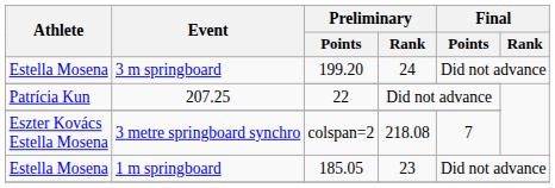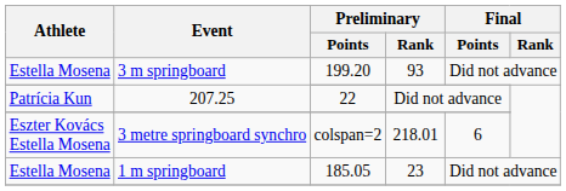 <table class=wikitable style="font-size:90%">
 <tr>
 <th rowspan="2">Athlete</th>
 <th rowspan="2">Event</th>
 <th colspan="2">Preliminary</th>
 <th colspan="2">Final</th>
 </tr>
 <tr style="font-size:95%">
 <th>Points</th>
 <th>Rank</th>
 <th>Points</th>
 <th>Rank</th>
 </tr>
 <tr align=center>
 <td align=left><a href='#'>Estella Mosena</a></td>
 <td align=left rowspan=2><a href='#'>3 m springboard</a></td>
 <td>199.20</td>
-<td>24</td>
+<td>93</td>
 <td colspan=2>Did not advance</td>
 </tr>
 <tr>
 </tr>
 <tr align=center>
 <td align=left><a href='#'>Patrícia Kun</a></td>
 <td>207.25</td>
 <td>22</td>
 <td colspan=2>Did not advance</td>
 </tr>
 <tr>
 </tr>
 <tr align=center>
 <td align=left><a href='#'>Eszter Kovács</a><br><a href='#'>Estella Mosena</a></td>
 <td align=left><a href='#'>3 metre springboard synchro</a></td>
 <td>colspan=2</td>
-<td>218.08</td>
-<td>7</td>
+<td>218.01</td>
+<td>6</td>
 </tr>
 <tr align=center>
 <td align=left><a href='#'>Estella Mosena</a></td>
 <td align=left><a href='#'>1 m springboard</a></td>
 <td>185.05</td>
 <td>23</td>
 <td colspan=2>Did not advance</td>
 </tr>
 <tr>
 </tr>
 </table>
